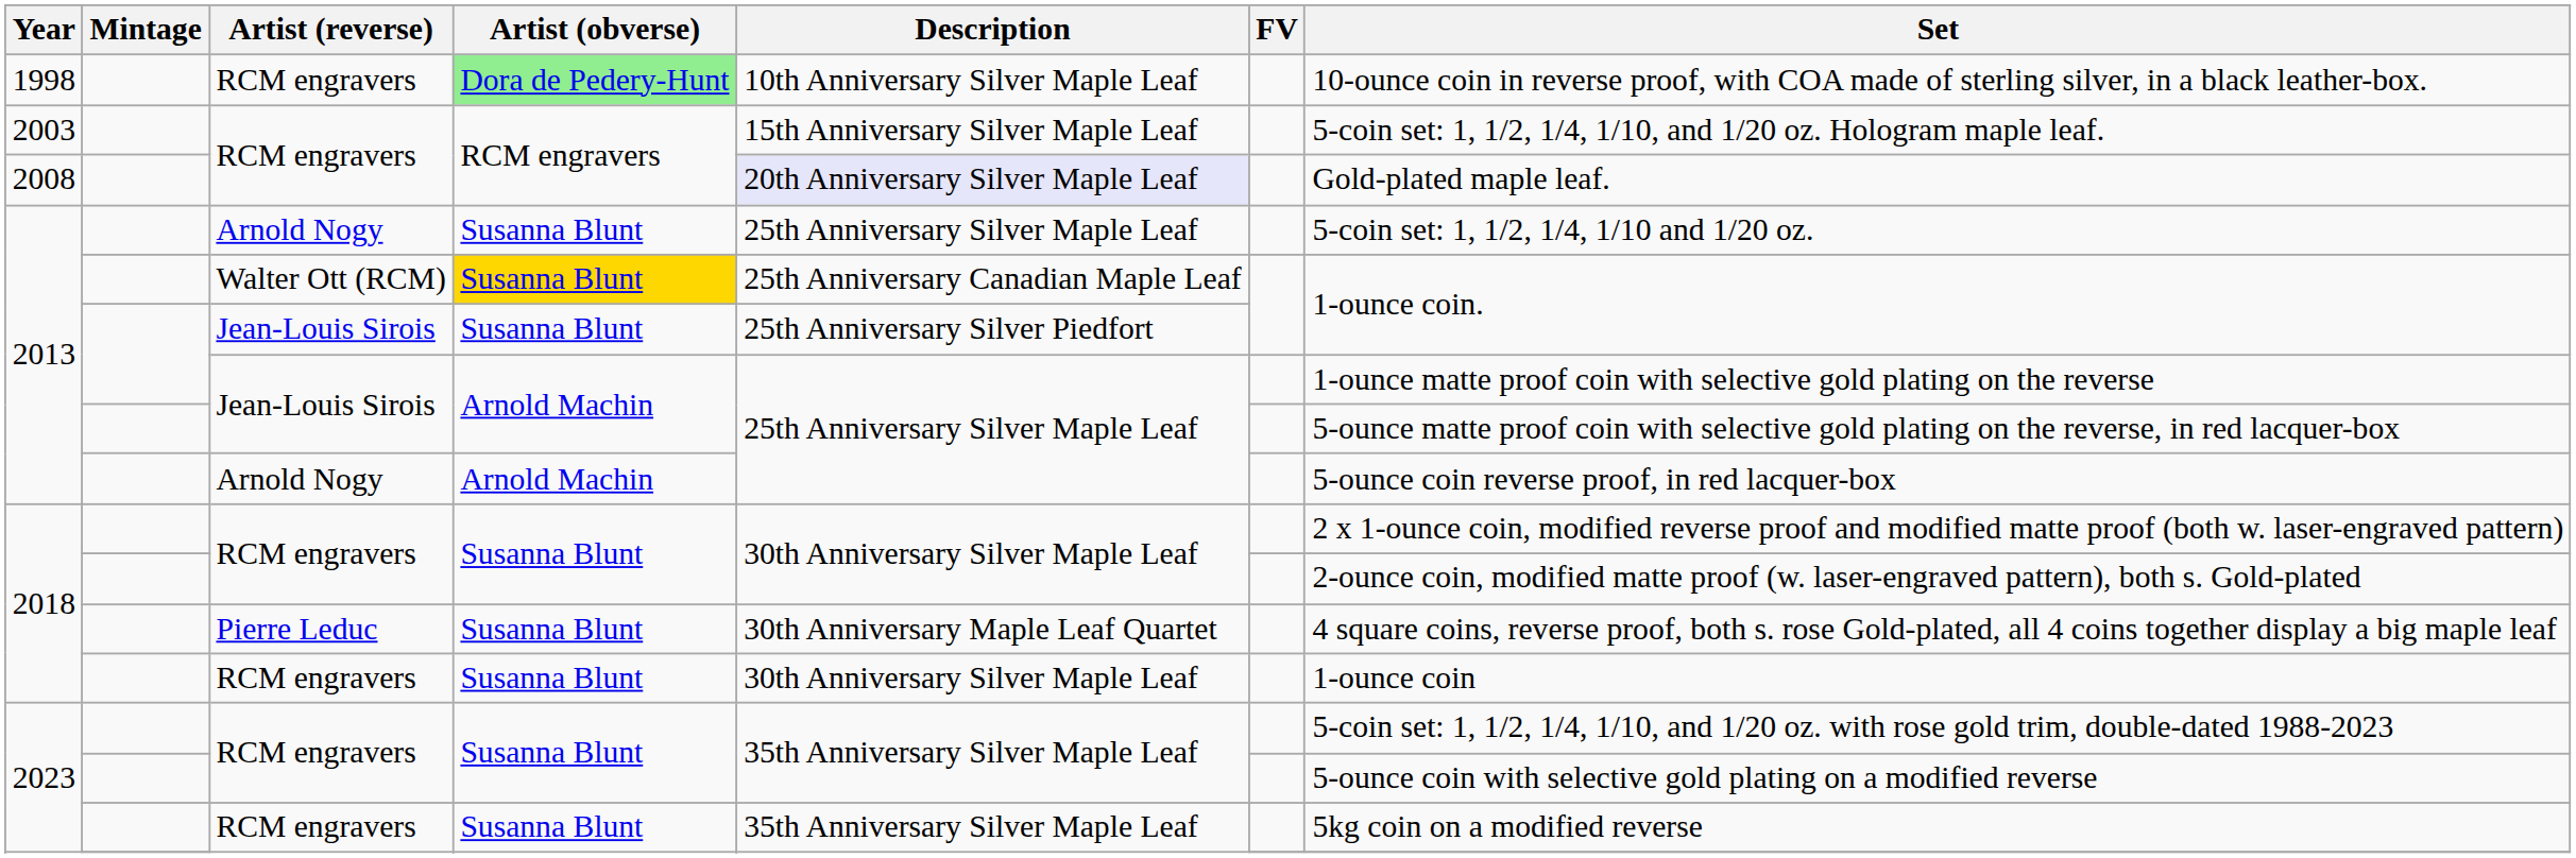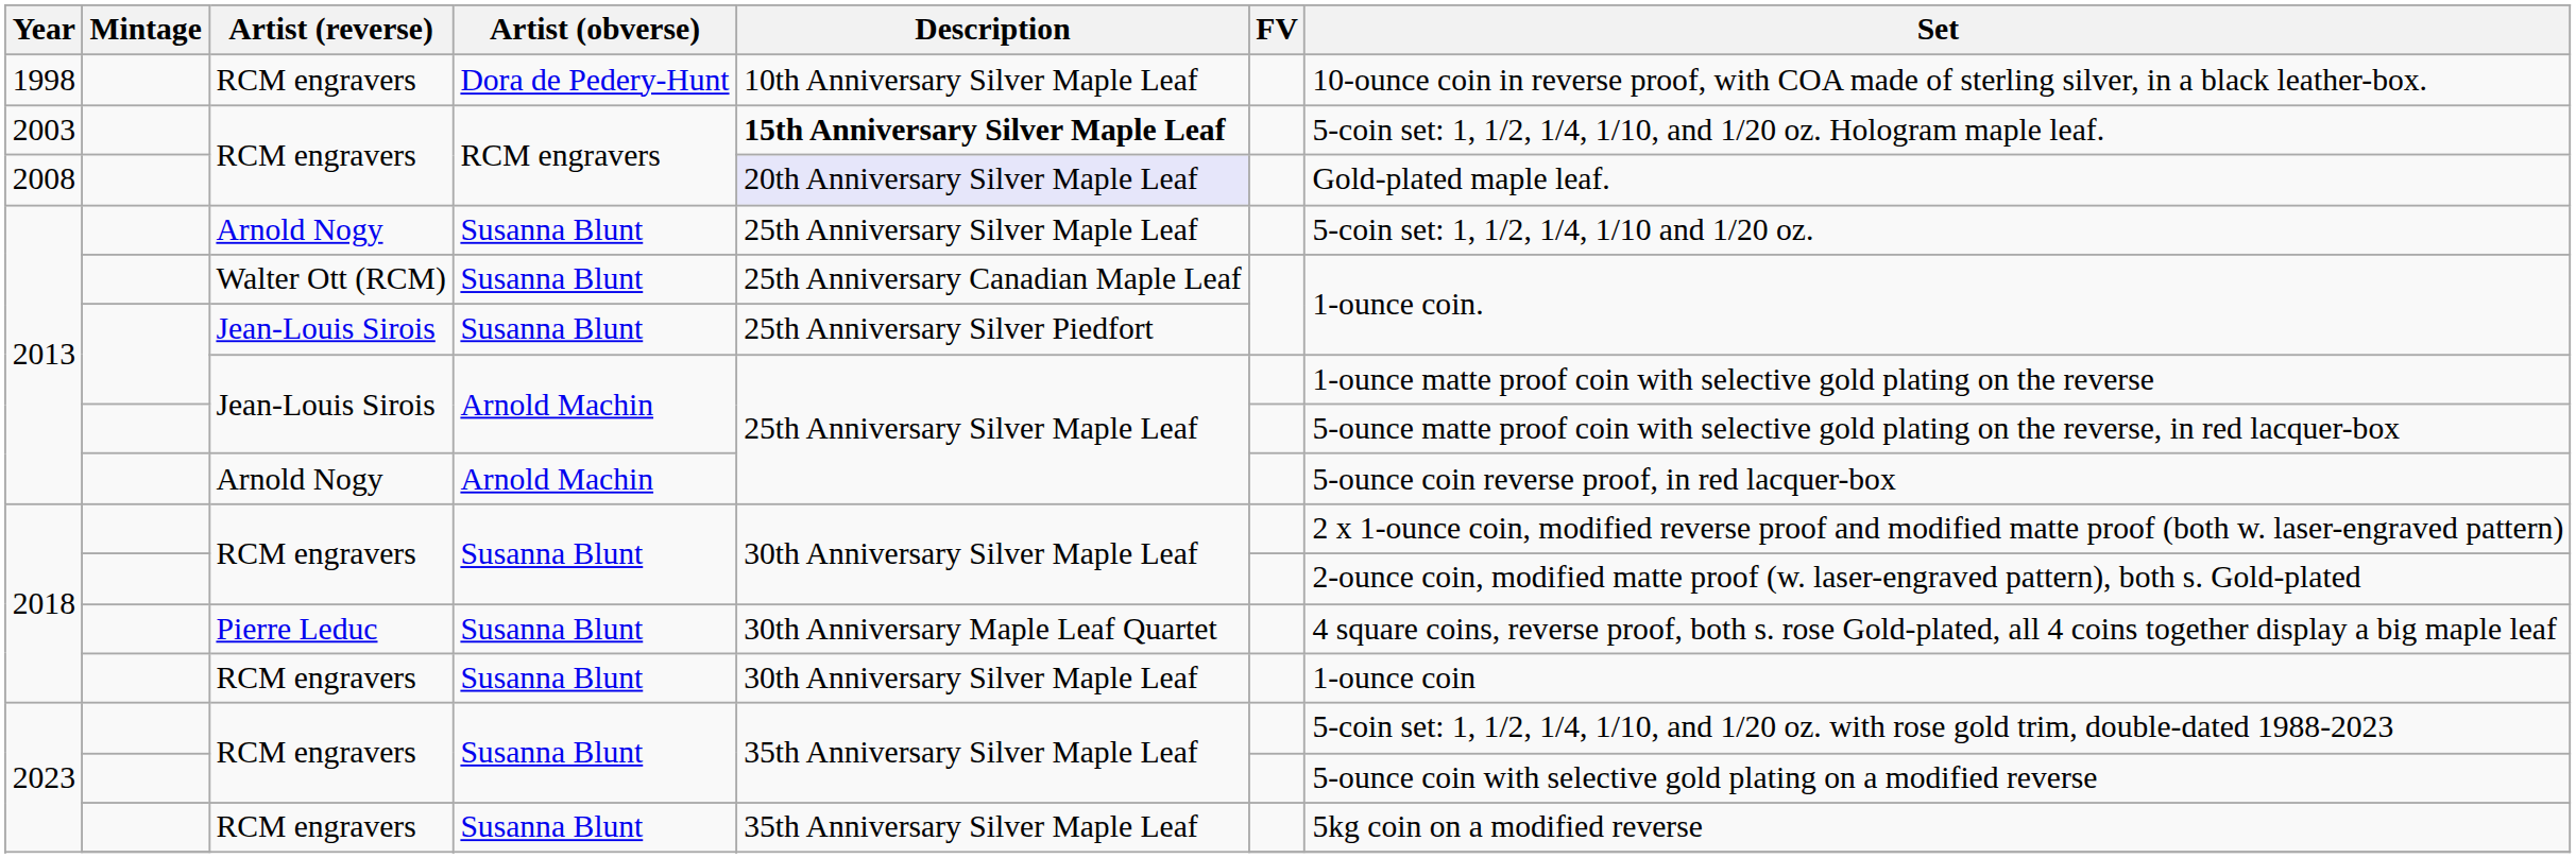 <table class="wikitable">
 <tr>
 <th>Year</th>
 <th>Mintage</th>
 <th>Artist (reverse)</th>
 <th>Artist (obverse)</th>
 <th>Description</th>
 <th>FV</th>
 <th>Set</th>
 </tr>
 <tr>
 <td>1998</td>
 <td></td>
 <td>RCM engravers</td>
-<td style="background: lightgreen;"><a href='#'>Dora de Pedery-Hunt</a></td>
+<td><a href='#'>Dora de Pedery-Hunt</a></td>
 <td>10th Anniversary Silver Maple Leaf</td>
 <td></td>
 <td>10-ounce coin in reverse proof, with COA made of sterling silver, in a black leather-box.</td>
 </tr>
 <tr>
 <td>2003</td>
 <td></td>
 <td rowspan="2">RCM engravers</td>
 <td rowspan="2">RCM engravers</td>
-<td>15th Anniversary Silver Maple Leaf</td>
+<td><strong>15th Anniversary Silver Maple Leaf</strong></td>
 <td></td>
 <td>5-coin set: 1, 1/2, 1/4, 1/10, and 1/20 oz. Hologram maple leaf.</td>
 </tr>
 <tr>
 <td>2008</td>
 <td></td>
 <td style="background: lavender;">20th Anniversary Silver Maple Leaf</td>
 <td></td>
 <td>Gold-plated maple leaf.</td>
 </tr>
 <tr>
 <td rowspan="6">2013</td>
 <td></td>
 <td><a href='#'>Arnold Nogy</a></td>
 <td><a href='#'>Susanna Blunt</a></td>
 <td>25th Anniversary Silver Maple Leaf</td>
 <td></td>
 <td>5-coin set: 1, 1/2, 1/4, 1/10 and 1/20 oz.</td>
 </tr>
 <tr>
 <td></td>
 <td>Walter Ott (RCM)</td>
-<td style="background: gold;"><a href='#'>Susanna Blunt</a></td>
+<td><a href='#'>Susanna Blunt</a></td>
 <td>25th Anniversary Canadian Maple Leaf</td>
 <td rowspan="2"></td>
 <td rowspan="2">1-ounce coin.</td>
 </tr>
 <tr>
 <td rowspan="2"></td>
 <td><a href='#'>Jean-Louis Sirois</a></td>
 <td><a href='#'>Susanna Blunt</a></td>
 <td>25th Anniversary Silver Piedfort</td>
 </tr>
 <tr>
 <td rowspan="2">Jean-Louis Sirois</td>
 <td rowspan="2"><a href='#'>Arnold Machin</a></td>
 <td rowspan="3">25th Anniversary Silver Maple Leaf</td>
 <td></td>
 <td>1-ounce matte proof coin with selective gold plating on the reverse</td>
 </tr>
 <tr>
 <td></td>
 <td></td>
 <td>5-ounce matte proof coin with selective gold plating on the reverse, in red lacquer-box</td>
 </tr>
 <tr>
 <td></td>
 <td>Arnold Nogy</td>
 <td><a href='#'>Arnold Machin</a></td>
 <td></td>
 <td>5-ounce coin reverse proof, in red lacquer-box</td>
 </tr>
 <tr>
 <td rowspan="4">2018</td>
 <td></td>
 <td rowspan="2">RCM engravers</td>
 <td rowspan="2"><a href='#'>Susanna Blunt</a></td>
 <td rowspan="2">30th Anniversary Silver Maple Leaf</td>
 <td></td>
 <td>2 x 1-ounce coin, modified reverse proof and modified matte proof (both w. laser-engraved pattern)</td>
 </tr>
 <tr>
 <td></td>
 <td></td>
 <td>2-ounce coin, modified matte proof (w. laser-engraved pattern), both s. Gold-plated</td>
 </tr>
 <tr>
 <td></td>
 <td><a href='#'>Pierre Leduc</a></td>
 <td><a href='#'>Susanna Blunt</a></td>
 <td>30th Anniversary Maple Leaf Quartet</td>
 <td></td>
 <td>4 square coins, reverse proof, both s. rose Gold-plated, all 4 coins together display a big maple leaf</td>
 </tr>
 <tr>
 <td></td>
 <td>RCM engravers</td>
 <td><a href='#'>Susanna Blunt</a></td>
 <td>30th Anniversary Silver Maple Leaf</td>
 <td></td>
 <td>1-ounce coin</td>
 </tr>
 <tr>
 <td rowspan="4">2023</td>
 <td></td>
 <td rowspan="2">RCM engravers</td>
 <td rowspan="2"><a href='#'>Susanna Blunt</a></td>
 <td rowspan="2">35th Anniversary Silver Maple Leaf</td>
 <td></td>
 <td>5-coin set: 1, 1/2, 1/4, 1/10, and 1/20 oz. with rose gold trim, double-dated 1988-2023</td>
 </tr>
 <tr>
 <td></td>
 <td></td>
 <td>5-ounce coin with selective gold plating on a modified reverse</td>
 </tr>
 <tr>
 <td></td>
 <td rowspan="2">RCM engravers</td>
 <td rowspan="2"><a href='#'>Susanna Blunt</a></td>
 <td rowspan="2">35th Anniversary Silver Maple Leaf</td>
 <td></td>
 <td>5kg coin on a modified reverse</td>
 </tr>
 <tr>
 </tr>
 </table>
